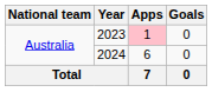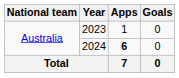 <table class="wikitable" style="text-align:center">
 <tr>
 <th>National team</th>
 <th>Year</th>
 <th>Apps</th>
 <th>Goals</th>
 </tr>
 <tr>
 <td rowspan="2"><a href='#'>Australia</a></td>
 <td>2023</td>
-<td style="background: pink;">1</td>
+<td>1</td>
 <td>0</td>
 </tr>
 <tr>
 <td>2024</td>
-<td>6</td>
+<td><strong>6</strong></td>
 <td>0</td>
 </tr>
 <tr>
 <th colspan="2">Total</th>
 <th>7</th>
 <th>0</th>
 </tr>
 </table>
